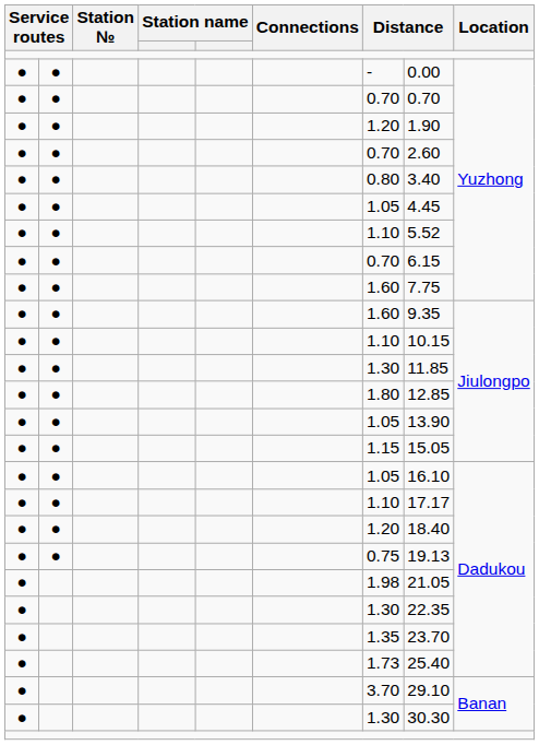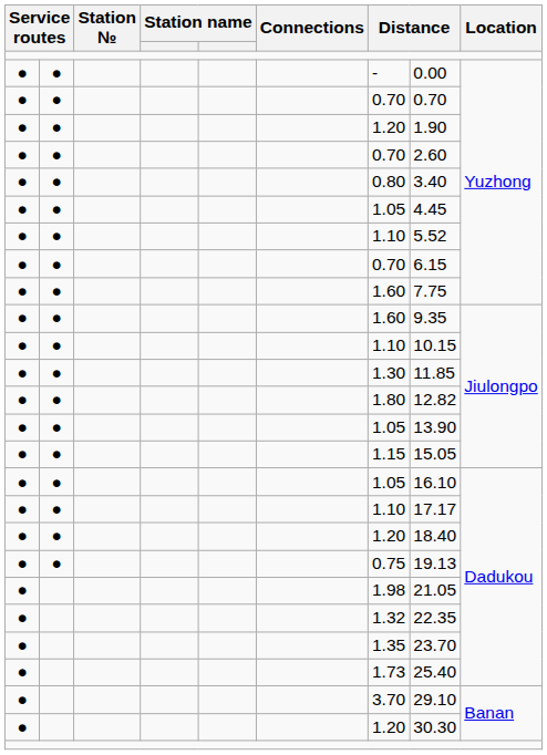 <table class="wikitable">
 <tr>
 <th rowspan="2" colspan="2">Service<br>routes</th>
 <th rowspan="2">Station<br>№</th>
 <th colspan="2">Station name</th>
 <th rowspan="2">Connections</th>
 <th colspan="2" rowspan="2">Distance<br></th>
 <th rowspan="2">Location</th>
 </tr>
 <tr>
 <th></th>
 <th></th>
 </tr>
 <tr style="background:#">
 <td colspan = "11"></td>
 </tr>
 <tr>
 <td align="center">●</td>
 <td align="center">●</td>
 <td></td>
 <td></td>
 <td></td>
 <td></td>
 <td>-</td>
 <td>0.00</td>
 <td rowspan="9"><a href='#'>Yuzhong</a></td>
 </tr>
 <tr>
 <td align="center">●</td>
 <td align="center">●</td>
 <td></td>
 <td></td>
 <td></td>
 <td></td>
 <td>0.70</td>
 <td>0.70</td>
 </tr>
 <tr>
 <td align="center">●</td>
 <td align="center">●</td>
 <td></td>
 <td></td>
 <td></td>
 <td></td>
 <td>1.20</td>
 <td>1.90</td>
 </tr>
 <tr>
 <td align="center">●</td>
 <td align="center">●</td>
 <td></td>
 <td></td>
 <td></td>
 <td></td>
 <td>0.70</td>
 <td>2.60</td>
 </tr>
 <tr>
 <td align="center">●</td>
 <td align="center">●</td>
 <td></td>
 <td></td>
 <td></td>
 <td></td>
 <td>0.80</td>
 <td>3.40</td>
 </tr>
 <tr>
 <td align="center">●</td>
 <td align="center">●</td>
 <td></td>
 <td></td>
 <td></td>
 <td></td>
 <td>1.05</td>
 <td>4.45</td>
 </tr>
 <tr>
 <td align="center">●</td>
 <td align="center">●</td>
 <td></td>
 <td></td>
 <td></td>
 <td></td>
 <td>1.10</td>
 <td>5.52</td>
 </tr>
 <tr>
 <td align="center">●</td>
 <td align="center">●</td>
 <td></td>
 <td></td>
 <td></td>
 <td></td>
 <td>0.70</td>
 <td>6.15</td>
 </tr>
 <tr>
 <td align="center">●</td>
 <td align="center">●</td>
 <td></td>
 <td></td>
 <td></td>
 <td></td>
 <td>1.60</td>
 <td>7.75</td>
 </tr>
 <tr>
 <td align="center">●</td>
 <td align="center">●</td>
 <td></td>
 <td></td>
 <td></td>
 <td></td>
 <td>1.60</td>
 <td>9.35</td>
 <td rowspan="6"><a href='#'>Jiulongpo</a></td>
 </tr>
 <tr>
 <td align="center">●</td>
 <td align="center">●</td>
 <td></td>
 <td></td>
 <td></td>
 <td></td>
 <td>1.10</td>
 <td>10.15</td>
 </tr>
 <tr>
 <td align="center">●</td>
 <td align="center">●</td>
 <td></td>
 <td></td>
 <td></td>
 <td></td>
 <td>1.30</td>
 <td>11.85</td>
 </tr>
 <tr>
 <td align="center">●</td>
 <td align="center">●</td>
 <td></td>
 <td></td>
 <td></td>
 <td></td>
 <td>1.80</td>
-<td>12.85</td>
+<td>12.82</td>
 </tr>
 <tr>
 <td align="center">●</td>
 <td align="center">●</td>
 <td></td>
 <td></td>
 <td></td>
 <td></td>
 <td>1.05</td>
 <td>13.90</td>
 </tr>
 <tr>
 <td align="center">●</td>
 <td align="center">●</td>
 <td></td>
 <td></td>
 <td></td>
 <td></td>
 <td>1.15</td>
 <td>15.05</td>
 </tr>
 <tr>
 <td align="center">●</td>
 <td align="center">●</td>
 <td></td>
 <td></td>
 <td></td>
 <td></td>
 <td>1.05</td>
 <td>16.10</td>
 <td rowspan="8"><a href='#'>Dadukou</a></td>
 </tr>
 <tr>
 <td align="center">●</td>
 <td align="center">●</td>
 <td></td>
 <td></td>
 <td></td>
 <td></td>
 <td>1.10</td>
 <td>17.17</td>
 </tr>
 <tr>
 <td align="center">●</td>
 <td align="center">●</td>
 <td></td>
 <td></td>
 <td></td>
 <td></td>
 <td>1.20</td>
 <td>18.40</td>
 </tr>
 <tr>
 <td align="center">●</td>
 <td align="center">●</td>
 <td></td>
 <td></td>
 <td></td>
 <td></td>
 <td>0.75</td>
 <td>19.13</td>
 </tr>
 <tr>
 <td align="center">●</td>
 <td align="center"></td>
 <td></td>
 <td></td>
 <td></td>
 <td></td>
 <td>1.98</td>
 <td>21.05</td>
 </tr>
 <tr>
 <td align="center">●</td>
 <td align="center"></td>
 <td></td>
 <td></td>
 <td></td>
 <td></td>
-<td>1.30</td>
+<td>1.32</td>
 <td>22.35</td>
 </tr>
 <tr>
 <td align="center">●</td>
 <td align="center"></td>
 <td></td>
 <td></td>
 <td></td>
 <td></td>
 <td>1.35</td>
 <td>23.70</td>
 </tr>
 <tr>
 <td align="center">●</td>
 <td align="center"></td>
 <td></td>
 <td></td>
 <td></td>
 <td></td>
 <td>1.73</td>
 <td>25.40</td>
 </tr>
 <tr>
 <td align="center">●</td>
 <td></td>
 <td></td>
 <td></td>
 <td></td>
 <td></td>
 <td>3.70</td>
 <td>29.10</td>
 <td rowspan="2"><a href='#'>Banan</a></td>
 </tr>
 <tr>
 <td align="center">●</td>
 <td></td>
 <td></td>
 <td></td>
 <td></td>
 <td></td>
-<td>1.30</td>
+<td>1.20</td>
 <td>30.30</td>
 </tr>
 <tr style="background:#">
 <td colspan = "11"></td>
 </tr>
 </table>
